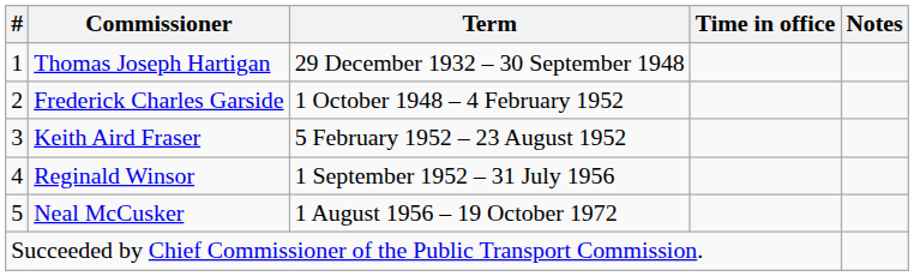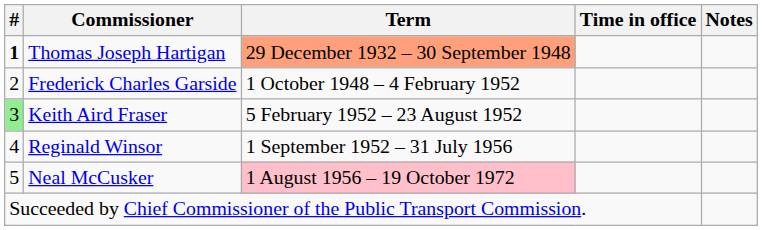 <table class="wikitable">
 <tr>
 <th>#</th>
 <th>Commissioner</th>
 <th>Term</th>
 <th>Time in office</th>
 <th>Notes</th>
 </tr>
 <tr>
-<td>1</td>
+<td><strong>1</strong></td>
 <td><a href='#'>Thomas Joseph Hartigan</a> </td>
-<td>29 December 1932 – 30 September 1948</td>
+<td style="background: lightsalmon;">29 December 1932 – 30 September 1948</td>
 <td></td>
 <td></td>
 </tr>
 <tr>
 <td>2</td>
 <td><a href='#'>Frederick Charles Garside</a></td>
 <td>1 October 1948 – 4 February 1952</td>
 <td></td>
 <td></td>
 </tr>
 <tr>
-<td>3</td>
+<td style="background: lightgreen;">3</td>
 <td><a href='#'>Keith Aird Fraser</a></td>
 <td>5 February 1952 – 23 August 1952</td>
 <td></td>
 <td></td>
 </tr>
 <tr>
 <td>4</td>
 <td><a href='#'>Reginald Winsor</a></td>
 <td>1 September 1952 – 31 July 1956</td>
 <td></td>
 <td></td>
 </tr>
 <tr>
 <td>5</td>
 <td><a href='#'>Neal McCusker</a> </td>
-<td>1 August 1956 – 19 October 1972</td>
+<td style="background: pink;">1 August 1956 – 19 October 1972</td>
 <td></td>
 <td></td>
 </tr>
 <tr>
 <td colspan=4>Succeeded by <a href='#'>Chief Commissioner of the Public Transport Commission</a>.</td>
 </tr>
 </table>
